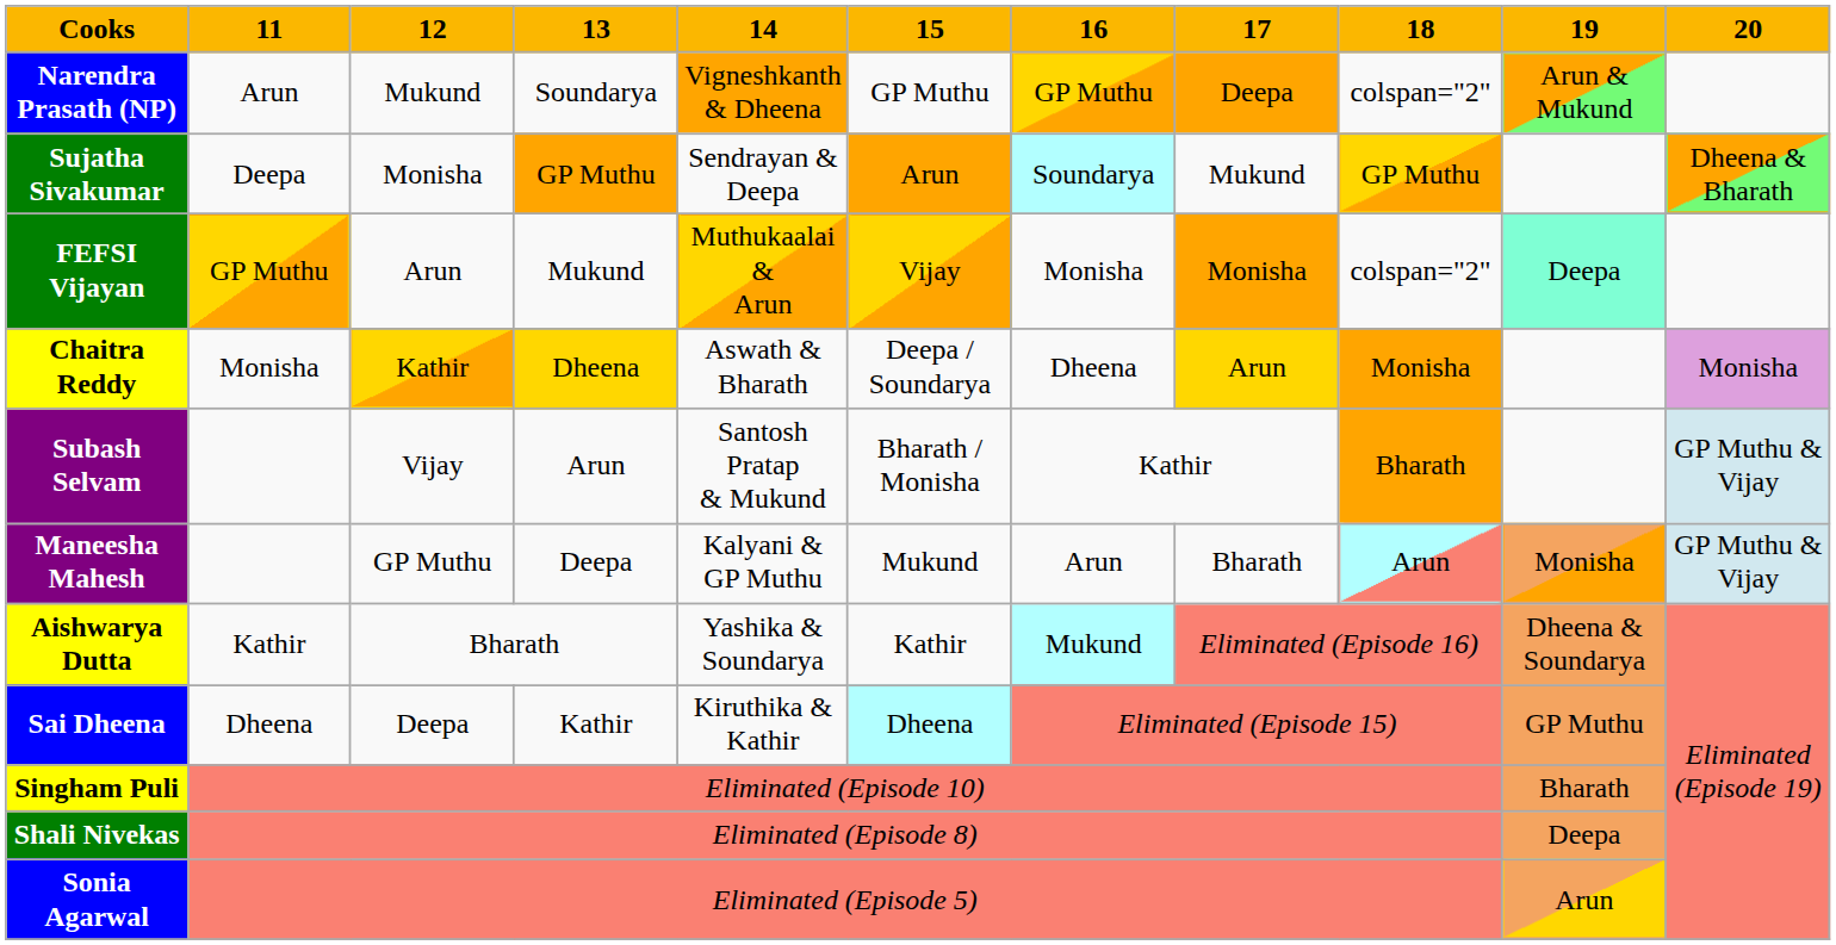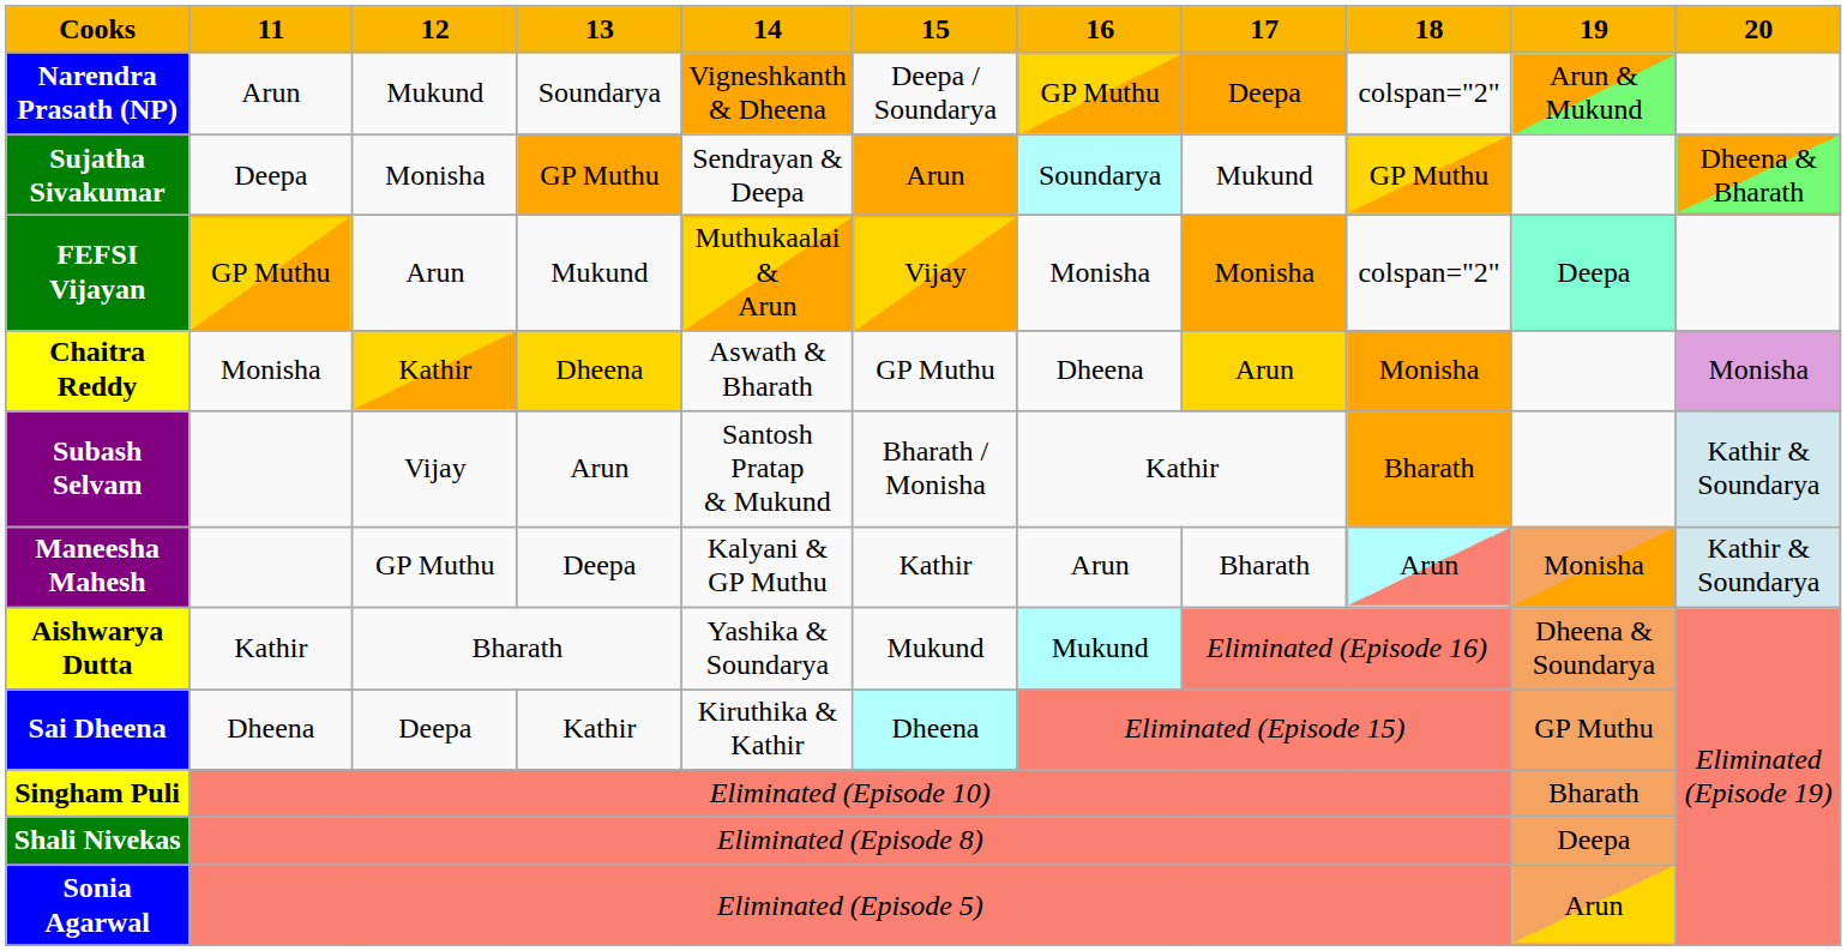 <table class="wikitable" style="text-align:center;font-size:85%;">
 <tr>
 <th scope="col" style="background:#FBB700" width=10%>Cooks</th>
 <th scope="col" style="background:#FBB700" width=9%>11</th>
 <th scope="col" style="background:#FBB700" width=9%>12</th>
 <th scope="col" style="background:#FBB700" width=9%>13</th>
 <th scope="col" style="background:#FBB700" width=9%>14</th>
 <th scope="col" style="background:#FBB700" width=9%>15</th>
 <th scope="col" style="background:#FBB700" width=9%>16</th>
 <th scope="col" style="background:#FBB700" width=9%>17</th>
 <th scope="col" style="background:#FBB700" width=9%>18</th>
 <th scope="col" style="background:#FBB700" width=9%>19</th>
 <th scope="col" style="background:#FBB700" width=9%>20</th>
 </tr>
 <tr>
 <th scope="row" style="background:Blue;color:white;">Narendra Prasath (NP)</th>
 <td>Arun</td>
 <td>Mukund</td>
 <td>Soundarya</td>
 <td style="background:orange">Vigneshkanth<br>& Dheena </td>
-<td>GP Muthu</td>
+<td>Deepa /<br>Soundarya</td>
 <td style="background-image:linear-gradient(to right bottom, gold 50%, orange 50%);">GP Muthu </td>
 <td style="background:orange;">Deepa </td>
 <td>colspan="2" </td>
 <td style="background-image: linear-gradient(to right bottom, orange 50%, #73FB76 50%);">Arun & Mukund </td>
 </tr>
 <tr>
 <th style="background:green;color:white;">Sujatha Sivakumar</th>
 <td>Deepa</td>
 <td>Monisha</td>
 <td style="background: orange;">GP Muthu </td>
 <td>Sendrayan &<br>Deepa</td>
 <td style="background:orange">Arun </td>
 <td style="background: #B2FFFF;">Soundarya </td>
 <td>Mukund</td>
 <td style="background-image: linear-gradient(to right bottom, gold 50%, orange 50%);">GP Muthu </td>
 <td></td>
 <td style="background-image: linear-gradient(to right bottom, orange 50%, #73FB76 50%);">Dheena & Bharath </td>
 </tr>
 <tr>
 <th style="background:green;color:white;">FEFSI Vijayan</th>
 <td style="background-image:linear-gradient(to right bottom, gold 50%, orange 50%);">GP Muthu </td>
 <td>Arun</td>
 <td>Mukund</td>
 <td style="background-image:linear-gradient(to right bottom, gold 50%, orange 50%);">Muthukaalai &<br>Arun </td>
 <td style="background-image:linear-gradient(to right bottom, gold 50%, orange 50%);">Vijay </td>
 <td>Monisha</td>
 <td style="background:orange;">Monisha </td>
 <td>colspan="2" </td>
 <td style="background: #7FFFD4;">Deepa</td>
 </tr>
 <tr>
 <th style="background:yellow;">Chaitra Reddy</th>
 <td>Monisha</td>
 <td style="background-image:linear-gradient(to right bottom, gold 50%, orange 50%);">Kathir </td>
 <td style="background:gold">Dheena </td>
 <td>Aswath &<br>Bharath</td>
-<td>Deepa /<br>Soundarya</td>
+<td>GP Muthu</td>
 <td>Dheena</td>
 <td style="background:gold;">Arun </td>
 <td style="background: orange;">Monisha </td>
 <td></td>
 <td style="background: #DDA0DD;">Monisha</td>
 </tr>
 <tr>
 <th style="background:purple;color:white">Subash Selvam</th>
 <td></td>
 <td>Vijay</td>
 <td>Arun</td>
 <td>Santosh Pratap<br>& Mukund</td>
 <td>Bharath /<br>Monisha</td>
 <td colspan="2">Kathir</td>
 <td style="background: orange;">Bharath </td>
 <td></td>
-<td style="background: #D1E8EF;">GP Muthu & Vijay</td>
+<td style="background: #D1E8EF;">Kathir & Soundarya</td>
 </tr>
 <tr>
 <th style="background:purple;color:white">Maneesha Mahesh</th>
 <td></td>
 <td>GP Muthu</td>
 <td>Deepa</td>
 <td>Kalyani &<br>GP Muthu</td>
-<td>Mukund</td>
+<td>Kathir</td>
 <td>Arun</td>
 <td>Bharath</td>
 <td style="background-image:linear-gradient(to right bottom, #B2FFFF 50%, salmon 50%);">Arun </td>
 <td style="background-image: linear-gradient(to right bottom, sandybrown 50%, orange 50%);">Monisha </td>
-<td style="background: #D1E8EF;">GP Muthu & Vijay</td>
+<td style="background: #D1E8EF;">Kathir & Soundarya</td>
 </tr>
 <tr>
 <th style="background:yellow;">Aishwarya Dutta</th>
 <td>Kathir</td>
 <td colspan="2">Bharath</td>
 <td>Yashika &<br>Soundarya</td>
-<td>Kathir</td>
+<td>Mukund</td>
 <td style="background: #B2FFFF;">Mukund </td>
 <td colspan="2"   style="background:salmon"><em>Eliminated (Episode 16)</em></td>
 <td style="background: sandybrown;">Dheena &<br>Soundarya</td>
 <td rowspan="5" style="background: salmon;"><em>Eliminated (Episode 19)</em></td>
 </tr>
 <tr>
 <th scope="row" style="background:Blue;color:white;">Sai Dheena</th>
 <td>Dheena</td>
 <td>Deepa</td>
 <td>Kathir</td>
 <td>Kiruthika &<br>Kathir</td>
 <td style="background:#B2FFFF">Dheena </td>
 <td colspan="3" style="background:salmon"><em>Eliminated (Episode 15)</em></td>
 <td style="background: sandybrown;">GP Muthu</td>
 </tr>
 <tr>
 <th style="background:yellow;">Singham Puli</th>
 <td colspan="8" style="background:salmon"><em>Eliminated (Episode 10)</em></td>
 <td style="background: sandybrown;">Bharath</td>
 </tr>
 <tr>
 <th style="background:green;color:white;">Shali Nivekas</th>
 <td colspan="8" style="background:salmon"><em>Eliminated (Episode 8)</em></td>
 <td style="background: sandybrown;">Deepa</td>
 </tr>
 <tr>
 <th scope="row" style="background:Blue;color:white;">Sonia Agarwal</th>
 <td colspan="8" style="background:salmon"><em>Eliminated (Episode 5)</em></td>
 <td style="background-image: linear-gradient(to right bottom, sandybrown 50%, gold 50%);">Arun </td>
 </tr>
 </table>
